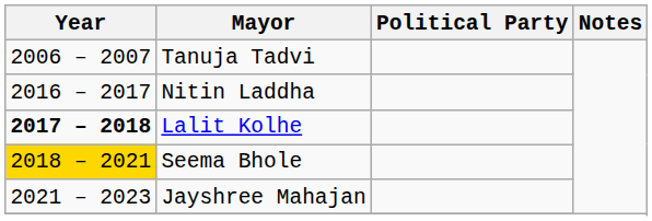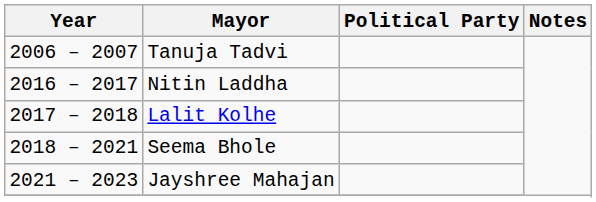 <table class="wikitable">
 <tr>
 <th>Year</th>
 <th>Mayor</th>
 <th>Political Party</th>
 <th>Notes</th>
 </tr>
 <tr>
 <td>2006 – 2007</td>
 <td>Tanuja Tadvi</td>
 <td></td>
 </tr>
 <tr>
 <td>2016 – 2017</td>
 <td>Nitin Laddha</td>
 <td></td>
 </tr>
 <tr>
-<td><strong>2017 – 2018</strong></td>
+<td>2017 – 2018</td>
 <td><a href='#'>Lalit Kolhe</a></td>
 <td></td>
 </tr>
 <tr>
-<td style="background: gold;">2018 – 2021</td>
+<td>2018 – 2021</td>
 <td>Seema Bhole</td>
 <td></td>
 </tr>
 <tr>
 <td>2021 – 2023</td>
 <td>Jayshree Mahajan</td>
 <td></td>
 </tr>
 <tr>
 </tr>
 </table>
